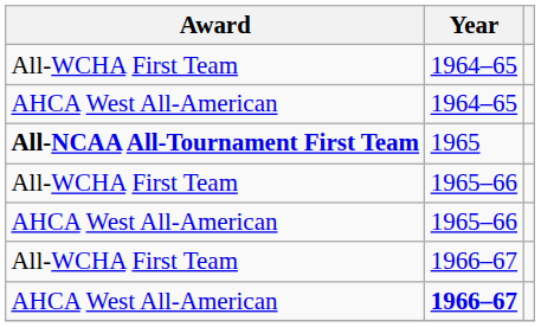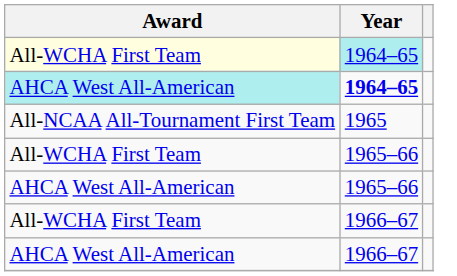 <table class="wikitable">
 <tr>
 <th>Award</th>
 <th>Year</th>
 <th></th>
 </tr>
 <tr>
-<td>All-<a href='#'>WCHA</a> <a href='#'>First Team</a></td>
-<td><a href='#'>1964–65</a></td>
+<td style="background: lightyellow;">All-<a href='#'>WCHA</a> <a href='#'>First Team</a></td>
+<td style="background: paleturquoise;"><a href='#'>1964–65</a></td>
 <td></td>
 </tr>
 <tr>
-<td><a href='#'>AHCA</a> <a href='#'>West All-American</a></td>
-<td><a href='#'>1964–65</a></td>
+<td style="background: paleturquoise;"><a href='#'>AHCA</a> <a href='#'>West All-American</a></td>
+<td><strong><a href='#'>1964–65</a></strong></td>
 <td></td>
 </tr>
 <tr>
-<td><strong>All-<a href='#'>NCAA</a> <a href='#'>All-Tournament First Team</a></strong></td>
+<td>All-<a href='#'>NCAA</a> <a href='#'>All-Tournament First Team</a></td>
 <td><a href='#'>1965</a></td>
 <td></td>
 </tr>
 <tr>
 <td>All-<a href='#'>WCHA</a> <a href='#'>First Team</a></td>
 <td><a href='#'>1965–66</a></td>
 <td></td>
 </tr>
 <tr>
 <td><a href='#'>AHCA</a> <a href='#'>West All-American</a></td>
 <td><a href='#'>1965–66</a></td>
 <td></td>
 </tr>
 <tr>
 <td>All-<a href='#'>WCHA</a> <a href='#'>First Team</a></td>
 <td><a href='#'>1966–67</a></td>
 <td></td>
 </tr>
 <tr>
 <td><a href='#'>AHCA</a> <a href='#'>West All-American</a></td>
-<td><strong><a href='#'>1966–67</a></strong></td>
+<td><a href='#'>1966–67</a></td>
 <td></td>
 </tr>
 <tr>
 </tr>
 </table>
